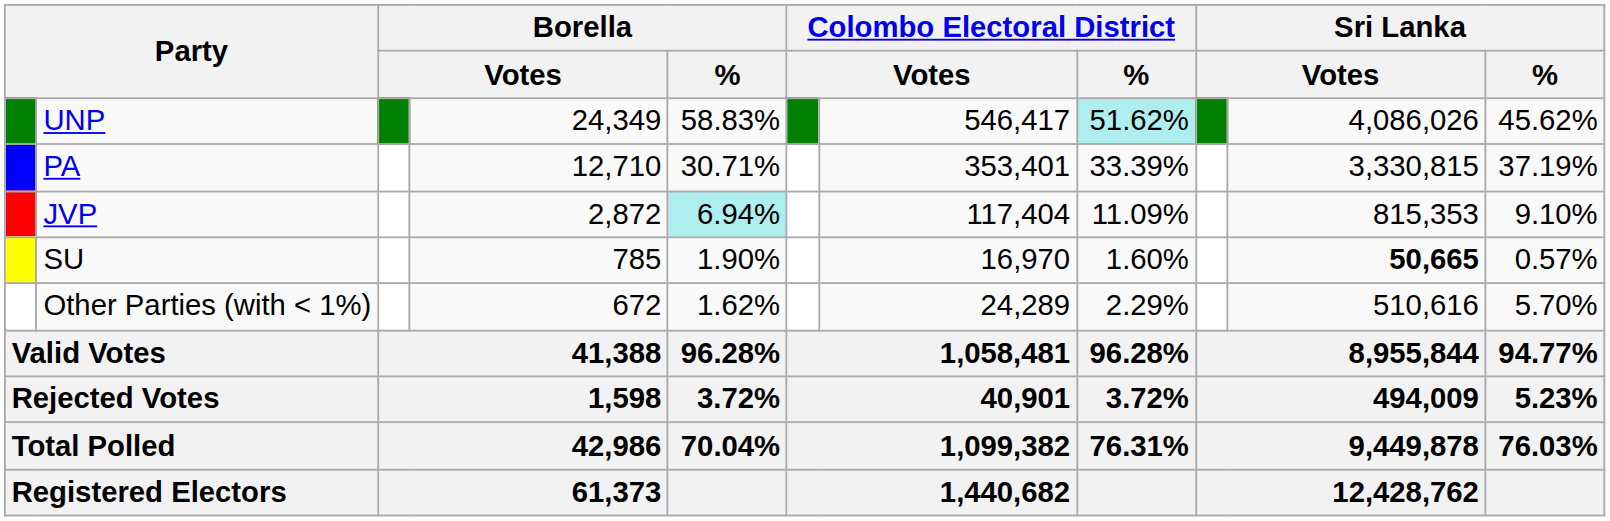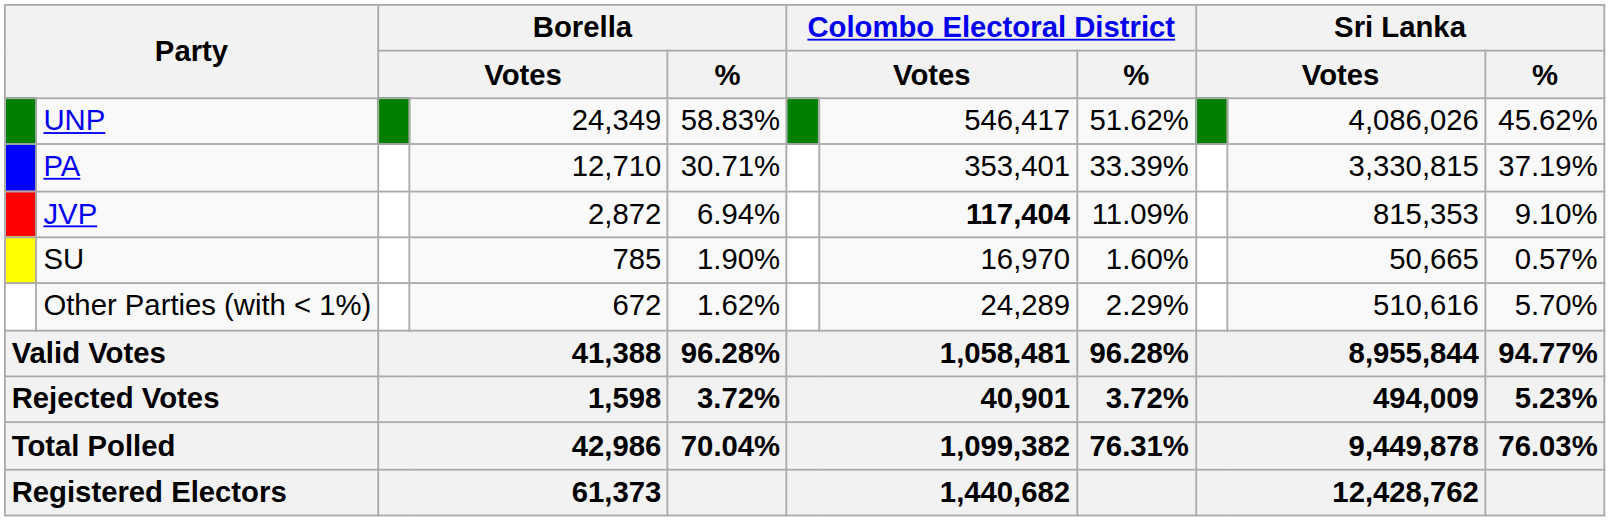 <table class="wikitable">
 <tr>
 <th colspan="2" width="144px"rowspan="2">Party</th>
 <th colspan="3" width="216px">Borella</th>
 <th colspan="3" width="216px"><a href='#'>Colombo Electoral District</a></th>
 <th colspan="3" width="216px">Sri Lanka</th>
 </tr>
 <tr>
 <th colspan="2" width="144px">Votes</th>
 <th>%</th>
 <th colspan="2" width="144px">Votes</th>
 <th>%</th>
 <th colspan="2" width="144px">Votes</th>
 <th>%</th>
 </tr>
 <tr>
 <td style="background-color:green;" width="10px"></td>
 <td style="text-align:left;"><a href='#'>UNP</a></td>
 <td style="background-color:green;" width="10px"></td>
 <td style="text-align:right;">24,349</td>
 <td style="text-align:right;">58.83%</td>
 <td style="background-color:green;" width="10px"></td>
 <td style="text-align:right;">546,417</td>
-<td style="background: paleturquoise; text-align:right;">51.62%</td>
+<td style="text-align:right;">51.62%</td>
 <td style="background-color:green;" width="10px"></td>
 <td style="text-align:right;">4,086,026</td>
 <td style="text-align:right;">45.62%</td>
 </tr>
 <tr>
 <td style="background-color:blue;" width="10px"></td>
 <td style="text-align:left;"><a href='#'>PA</a></td>
 <td style="background-color:white;" width="10px"></td>
 <td style="text-align:right;">12,710</td>
 <td style="text-align:right;">30.71%</td>
 <td style="background-color:white;" width="10px"></td>
 <td style="text-align:right;">353,401</td>
 <td style="text-align:right;">33.39%</td>
 <td style="background-color:white;" width="10px"></td>
 <td style="text-align:right;">3,330,815</td>
 <td style="text-align:right;">37.19%</td>
 </tr>
 <tr>
 <td style="background-color:red;" width="10px"></td>
 <td style="text-align:left;"><a href='#'>JVP</a></td>
 <td style="background-color:white;" width="10px"></td>
 <td style="text-align:right;">2,872</td>
-<td style="background: paleturquoise; text-align:right;">6.94%</td>
+<td style="text-align:right;">6.94%</td>
 <td style="background-color:white;" width="10px"></td>
-<td style="text-align:right;">117,404</td>
+<td style="text-align:right;"><strong>117,404</strong></td>
 <td style="text-align:right;">11.09%</td>
 <td style="background-color:white;" width="10px"></td>
 <td style="text-align:right;">815,353</td>
 <td style="text-align:right;">9.10%</td>
 </tr>
 <tr>
 <td style="background-color:yellow;" width="10px"></td>
 <td style="text-align:left;">SU</td>
 <td style="background-color:white;" width="10px"></td>
 <td style="text-align:right;">785</td>
 <td style="text-align:right;">1.90%</td>
 <td style="background-color:white;" width="10px"></td>
 <td style="text-align:right;">16,970</td>
 <td style="text-align:right;">1.60%</td>
 <td style="background-color:white;" width="10px"></td>
-<td style="text-align:right;"><strong>50,665</strong></td>
+<td style="text-align:right;">50,665</td>
 <td style="text-align:right;">0.57%</td>
 </tr>
 <tr>
 <td style="background-color:white;" width="10px"></td>
 <td style="text-align:left;">Other Parties (with < 1%)</td>
 <td style="background-color:white;" width="10px"></td>
 <td style="text-align:right;">672</td>
 <td style="text-align:right;">1.62%</td>
 <td style="background-color:white;" width="10px"></td>
 <td style="text-align:right;">24,289</td>
 <td style="text-align:right;">2.29%</td>
 <td style="background-color:white;" width="10px"></td>
 <td style="text-align:right;">510,616</td>
 <td style="text-align:right;">5.70%</td>
 </tr>
 <tr>
 <th colspan="2" width="144px"style="text-align:left;">Valid Votes</th>
 <th style="text-align:right;"colspan="2" width="144px">41,388</th>
 <th style="text-align:right;">96.28%</th>
 <th style="text-align:right;"colspan="2" width="144px">1,058,481</th>
 <th style="text-align:right;">96.28%</th>
 <th style="text-align:right;"colspan="2" width="144px">8,955,844</th>
 <th style="text-align:right;">94.77%</th>
 </tr>
 <tr>
 <th colspan="2" width="144px"style="text-align:left;">Rejected Votes</th>
 <th style="text-align:right;"colspan="2" width="144px">1,598</th>
 <th style="text-align:right;">3.72%</th>
 <th style="text-align:right;"colspan="2" width="144px">40,901</th>
 <th style="text-align:right;">3.72%</th>
 <th style="text-align:right;"colspan="2" width="144px">494,009</th>
 <th style="text-align:right;">5.23%</th>
 </tr>
 <tr>
 <th colspan="2" width="144px"style="text-align:left;">Total Polled</th>
 <th style="text-align:right;"colspan="2" width="144px">42,986</th>
 <th style="text-align:right;">70.04%</th>
 <th style="text-align:right;"colspan="2" width="144px">1,099,382</th>
 <th style="text-align:right;">76.31%</th>
 <th style="text-align:right;"colspan="2" width="144px">9,449,878</th>
 <th style="text-align:right;">76.03%</th>
 </tr>
 <tr>
 <th colspan="2" width="144px"style="text-align:left;">Registered Electors</th>
 <th style="text-align:right;"colspan="2" width="144px">61,373</th>
 <th></th>
 <th style="text-align:right;"colspan="2" width="144px">1,440,682</th>
 <th></th>
 <th style="text-align:right;"colspan="2" width="144px">12,428,762</th>
 <th></th>
 </tr>
 </table>
